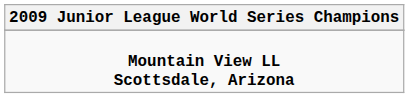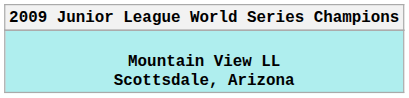 <table class="wikitable" style="text-align: center; margin: 0 auto;">
 <tr>
 <th>2009 Junior League World Series Champions</th>
 </tr>
 <tr>
 </tr>
 <tr>
-<td><br><strong>Mountain View LL</strong><br><strong>Scottsdale, Arizona</strong></td>
+<td style="background: paleturquoise;"><br><strong>Mountain View LL</strong><br><strong>Scottsdale, Arizona</strong></td>
 </tr>
 </table>
